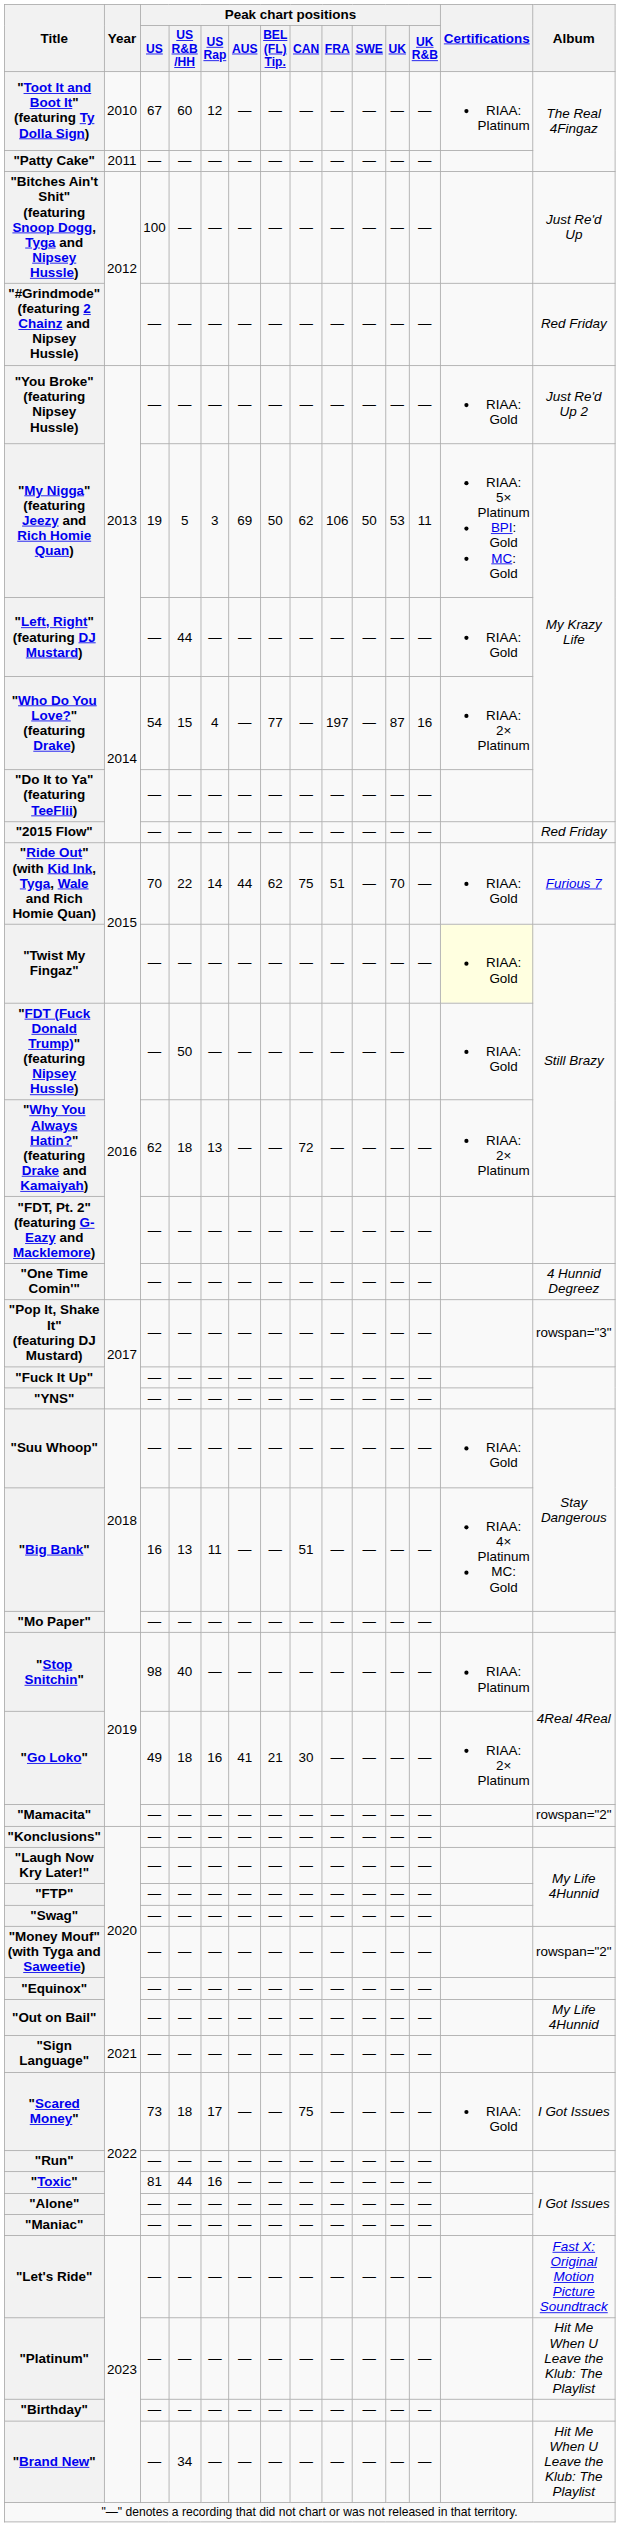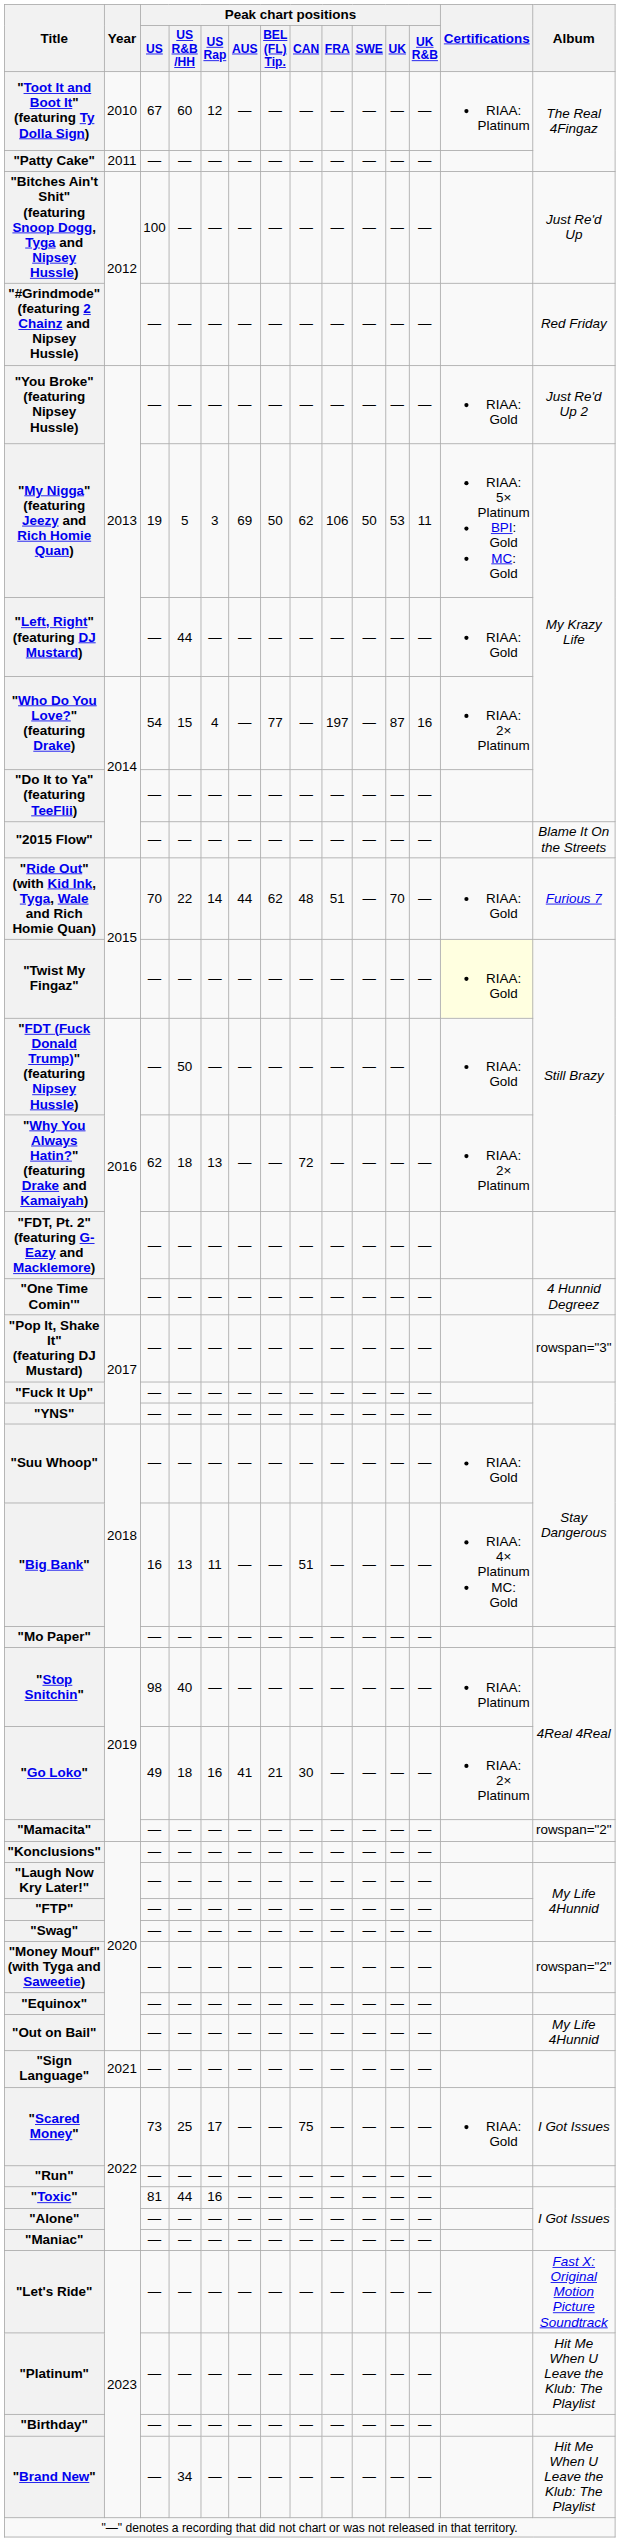 <table class="wikitable plainrowheaders" style="text-align:center;">
 <tr>
 <th scope="col" rowspan="2" style="width:22em;">Title</th>
 <th scope="col" rowspan="2">Year</th>
 <th scope="col" colspan="10">Peak chart positions</th>
 <th scope="col" rowspan="2" style="width:12em;"><a href='#'>Certifications</a></th>
 <th scope="col" rowspan="2" style="width:12em;">Album</th>
 </tr>
 <tr>
 <th scope="col" style="width:2.9em;font-size:90%;"><a href='#'>US</a><br></th>
 <th scope="col" style="width:2.9em;font-size:90%;"><a href='#'>US<br>R&B<br>/HH</a><br></th>
 <th scope="col" style="width:2.9em;font-size:90%;"><a href='#'>US<br>Rap</a><br></th>
 <th scope="col" style="width:2.9em;font-size:90%;"><a href='#'>AUS</a><br></th>
 <th scope="col" style="width:2.9em;font-size:90%;"><a href='#'>BEL<br>(FL)<br>Tip.</a><br></th>
 <th scope="col" style="width:2.9em;font-size:90%;"><a href='#'>CAN</a><br></th>
 <th scope="col" style="width:2.9em;font-size:90%;"><a href='#'>FRA</a><br></th>
 <th scope="col" style="width:2.9em;font-size:90%;"><a href='#'>SWE</a><br></th>
 <th scope="col" style="width:2.9em;font-size:90%;"><a href='#'>UK</a><br></th>
 <th scope="col" style="width:2.9em;font-size:90%;"><a href='#'>UK<br>R&B</a><br></th>
 </tr>
 <tr>
 <th scope="row">"<a href='#'>Toot It and Boot It</a>"<br><span>(featuring <a href='#'>Ty Dolla Sign</a>)</span></th>
 <td>2010</td>
 <td>67</td>
 <td>60</td>
 <td>12</td>
 <td>—</td>
 <td>—</td>
 <td>—</td>
 <td>—</td>
 <td>—</td>
 <td>—</td>
 <td>—</td>
 <td><br><ul><li>RIAA: Platinum</li></ul></td>
 <td rowspan="2"><em>The Real 4Fingaz</em></td>
 </tr>
 <tr>
 <th scope="row">"Patty Cake"</th>
 <td>2011</td>
 <td>—</td>
 <td>—</td>
 <td>—</td>
 <td>—</td>
 <td>—</td>
 <td>—</td>
 <td>—</td>
 <td>—</td>
 <td>—</td>
 <td>—</td>
 <td></td>
 </tr>
 <tr>
 <th scope="row">"Bitches Ain't Shit"<br><span>(featuring <a href='#'>Snoop Dogg</a>, <a href='#'>Tyga</a> and <a href='#'>Nipsey Hussle</a>)</span></th>
 <td rowspan="2">2012</td>
 <td>100</td>
 <td>—</td>
 <td>—</td>
 <td>—</td>
 <td>—</td>
 <td>—</td>
 <td>—</td>
 <td>—</td>
 <td>—</td>
 <td>—</td>
 <td></td>
 <td><em>Just Re'd Up</em></td>
 </tr>
 <tr>
 <th scope="row">"#Grindmode"<br><span>(featuring <a href='#'>2 Chainz</a> and Nipsey Hussle)</span></th>
 <td>—</td>
 <td>—</td>
 <td>—</td>
 <td>—</td>
 <td>—</td>
 <td>—</td>
 <td>—</td>
 <td>—</td>
 <td>—</td>
 <td>—</td>
 <td></td>
 <td><em>Red Friday</em></td>
 </tr>
 <tr>
 <th scope="row">"You Broke"<br><span>(featuring Nipsey Hussle)</span></th>
 <td rowspan="3">2013</td>
 <td>—</td>
 <td>—</td>
 <td>—</td>
 <td>—</td>
 <td>—</td>
 <td>—</td>
 <td>—</td>
 <td>—</td>
 <td>—</td>
 <td>—</td>
 <td><br><ul><li>RIAA: Gold</li></ul></td>
 <td><em>Just Re'd Up 2</em></td>
 </tr>
 <tr>
 <th scope="row">"<a href='#'>My Nigga</a>"<br><span>(featuring <a href='#'>Jeezy</a> and <a href='#'>Rich Homie Quan</a>)</span></th>
 <td>19</td>
 <td>5</td>
 <td>3</td>
 <td>69</td>
 <td>50</td>
 <td>62</td>
 <td>106</td>
 <td>50</td>
 <td>53</td>
 <td>11</td>
 <td><br><ul><li>RIAA: 5× Platinum</li><li><a href='#'>BPI</a>: Gold</li><li><a href='#'>MC</a>: Gold</li></ul></td>
 <td rowspan="4"><em>My Krazy Life</em></td>
 </tr>
 <tr>
 <th scope="row">"<a href='#'>Left, Right</a>"<br><span>(featuring <a href='#'>DJ Mustard</a>)</span></th>
 <td>—</td>
 <td>44</td>
 <td>—</td>
 <td>—</td>
 <td>—</td>
 <td>—</td>
 <td>—</td>
 <td>—</td>
 <td>—</td>
 <td>—</td>
 <td><br><ul><li>RIAA: Gold</li></ul></td>
 </tr>
 <tr>
 <th scope="row">"<a href='#'>Who Do You Love?</a>"<br><span>(featuring <a href='#'>Drake</a>)</span></th>
 <td rowspan="3">2014</td>
 <td>54</td>
 <td>15</td>
 <td>4</td>
 <td>—</td>
 <td>77</td>
 <td>—</td>
 <td>197</td>
 <td>—</td>
 <td>87</td>
 <td>16</td>
 <td><br><ul><li>RIAA: 2× Platinum</li></ul></td>
 </tr>
 <tr>
 <th scope="row">"Do It to Ya"<br><span>(featuring <a href='#'>TeeFlii</a>)</span></th>
 <td>—</td>
 <td>—</td>
 <td>—</td>
 <td>—</td>
 <td>—</td>
 <td>—</td>
 <td>—</td>
 <td>—</td>
 <td>—</td>
 <td>—</td>
 <td></td>
 </tr>
 <tr>
 <th scope="row">"2015 Flow"</th>
 <td>—</td>
 <td>—</td>
 <td>—</td>
 <td>—</td>
 <td>—</td>
 <td>—</td>
 <td>—</td>
 <td>—</td>
 <td>—</td>
 <td>—</td>
 <td></td>
-<td><em>Red Friday</em></td>
+<td><em>Blame It On the Streets</em></td>
 </tr>
 <tr>
 <th scope="row">"<a href='#'>Ride Out</a>"<br><span>(with <a href='#'>Kid Ink</a>, <a href='#'>Tyga</a>, <a href='#'>Wale</a> and Rich Homie Quan)</span></th>
 <td rowspan="2">2015</td>
 <td>70</td>
 <td>22</td>
 <td>14</td>
 <td>44</td>
 <td>62</td>
-<td>75</td>
+<td>48</td>
 <td>51</td>
 <td>—</td>
 <td>70</td>
 <td>—</td>
 <td><br><ul><li>RIAA: Gold</li></ul></td>
 <td><em><a href='#'>Furious 7</a></em></td>
 </tr>
 <tr>
 <th scope="row">"Twist My Fingaz"</th>
 <td>—</td>
 <td>—</td>
 <td>—</td>
 <td>—</td>
 <td>—</td>
 <td>—</td>
 <td>—</td>
 <td>—</td>
 <td>—</td>
 <td>—</td>
 <td style="background: lightyellow;"><br><ul><li>RIAA: Gold</li></ul></td>
 <td rowspan="3"><em>Still Brazy</em></td>
 </tr>
 <tr>
 <th scope="row">"<a href='#'>FDT (Fuck Donald Trump)</a>"<br><span>(featuring <a href='#'>Nipsey Hussle</a>)</span></th>
 <td rowspan="4">2016</td>
 <td>—</td>
 <td>50</td>
 <td>—</td>
 <td>—</td>
 <td>—</td>
 <td>—</td>
 <td>—</td>
 <td>—</td>
 <td>—</td>
 <td></td>
 <td><br><ul><li>RIAA: Gold</li></ul></td>
 </tr>
 <tr>
 <th scope="row">"<a href='#'>Why You Always Hatin?</a>"<br><span>(featuring <a href='#'>Drake</a> and <a href='#'>Kamaiyah</a>)</span></th>
 <td>62</td>
 <td>18</td>
 <td>13</td>
 <td>—</td>
 <td>—</td>
 <td>72</td>
 <td>—</td>
 <td>—</td>
 <td>—</td>
 <td>—</td>
 <td><br><ul><li>RIAA: 2× Platinum</li></ul></td>
 </tr>
 <tr>
 <th scope="row">"FDT, Pt. 2"<br><span>(featuring <a href='#'>G-Eazy</a> and <a href='#'>Macklemore</a>)</span></th>
 <td>—</td>
 <td>—</td>
 <td>—</td>
 <td>—</td>
 <td>—</td>
 <td>—</td>
 <td>—</td>
 <td>—</td>
 <td>—</td>
 <td>—</td>
 <td></td>
 <td></td>
 </tr>
 <tr>
 <th scope="row">"One Time Comin'"</th>
 <td>—</td>
 <td>—</td>
 <td>—</td>
 <td>—</td>
 <td>—</td>
 <td>—</td>
 <td>—</td>
 <td>—</td>
 <td>—</td>
 <td>—</td>
 <td></td>
 <td><em>4 Hunnid Degreez</em></td>
 </tr>
 <tr>
 <th scope="row">"Pop It, Shake It" <br><span>(featuring DJ Mustard)</span></th>
 <td rowspan="3">2017</td>
 <td>—</td>
 <td>—</td>
 <td>—</td>
 <td>—</td>
 <td>—</td>
 <td>—</td>
 <td>—</td>
 <td>—</td>
 <td>—</td>
 <td>—</td>
 <td></td>
 <td>rowspan="3" </td>
 </tr>
 <tr>
 <th scope="row">"Fuck It Up" <br></th>
 <td>—</td>
 <td>—</td>
 <td>—</td>
 <td>—</td>
 <td>—</td>
 <td>—</td>
 <td>—</td>
 <td>—</td>
 <td>—</td>
 <td>—</td>
 <td></td>
 </tr>
 <tr>
 <th scope="row">"YNS"<br></th>
 <td>—</td>
 <td>—</td>
 <td>—</td>
 <td>—</td>
 <td>—</td>
 <td>—</td>
 <td>—</td>
 <td>—</td>
 <td>—</td>
 <td>—</td>
 <td></td>
 </tr>
 <tr>
 <th scope="row">"Suu Whoop"</th>
 <td rowspan="3">2018</td>
 <td>—</td>
 <td>—</td>
 <td>—</td>
 <td>—</td>
 <td>—</td>
 <td>—</td>
 <td>—</td>
 <td>—</td>
 <td>—</td>
 <td>—</td>
 <td><br><ul><li>RIAA: Gold</li></ul></td>
 <td rowspan="2"><em>Stay Dangerous</em></td>
 </tr>
 <tr>
 <th scope="row">"<a href='#'>Big Bank</a>"<br></th>
 <td>16</td>
 <td>13</td>
 <td>11</td>
 <td>—</td>
 <td>—</td>
 <td>51</td>
 <td>—</td>
 <td>—</td>
 <td>—</td>
 <td>—</td>
 <td><br><ul><li>RIAA: 4× Platinum</li><li>MC: Gold</li></ul></td>
 </tr>
 <tr>
 <th scope="row">"Mo Paper"<br></th>
 <td>—</td>
 <td>—</td>
 <td>—</td>
 <td>—</td>
 <td>—</td>
 <td>—</td>
 <td>—</td>
 <td>—</td>
 <td>—</td>
 <td>—</td>
 <td></td>
 <td></td>
 </tr>
 <tr>
 <th scope="row">"<a href='#'>Stop Snitchin</a>"</th>
 <td rowspan="3">2019</td>
 <td>98</td>
 <td>40</td>
 <td>—</td>
 <td>—</td>
 <td>—</td>
 <td>—</td>
 <td>—</td>
 <td>—</td>
 <td>—</td>
 <td>—</td>
 <td><br><ul><li>RIAA: Platinum</li></ul></td>
 <td rowspan="2"><em>4Real 4Real</em></td>
 </tr>
 <tr>
 <th scope="row">"<a href='#'>Go Loko</a>"<br></th>
 <td>49</td>
 <td>18</td>
 <td>16</td>
 <td>41</td>
 <td>21</td>
 <td>30</td>
 <td>—</td>
 <td>—</td>
 <td>—</td>
 <td>—</td>
 <td><br><ul><li>RIAA: 2× Platinum</li></ul></td>
 </tr>
 <tr>
 <th scope="row">"Mamacita"<br></th>
 <td>—</td>
 <td>—</td>
 <td>—</td>
 <td>—</td>
 <td>—</td>
 <td>—</td>
 <td>—</td>
 <td>—</td>
 <td>—</td>
 <td>—</td>
 <td></td>
 <td>rowspan="2" </td>
 </tr>
 <tr>
 <th scope="row">"Konclusions"<br></th>
 <td rowspan="7">2020</td>
 <td>—</td>
 <td>—</td>
 <td>—</td>
 <td>—</td>
 <td>—</td>
 <td>—</td>
 <td>—</td>
 <td>—</td>
 <td>—</td>
 <td>—</td>
 <td></td>
 </tr>
 <tr>
 <th scope="row">"Laugh Now Kry Later!"</th>
 <td>—</td>
 <td>—</td>
 <td>—</td>
 <td>—</td>
 <td>—</td>
 <td>—</td>
 <td>—</td>
 <td>—</td>
 <td>—</td>
 <td>—</td>
 <td></td>
 <td rowspan="3"><em>My Life 4Hunnid</em></td>
 </tr>
 <tr>
 <th scope="row">"FTP"</th>
 <td>—</td>
 <td>—</td>
 <td>—</td>
 <td>—</td>
 <td>—</td>
 <td>—</td>
 <td>—</td>
 <td>—</td>
 <td>—</td>
 <td>—</td>
 <td></td>
 </tr>
 <tr>
 <th scope="row">"Swag"</th>
 <td>—</td>
 <td>—</td>
 <td>—</td>
 <td>—</td>
 <td>—</td>
 <td>—</td>
 <td>—</td>
 <td>—</td>
 <td>—</td>
 <td>—</td>
 <td></td>
 </tr>
 <tr>
 <th scope="row">"Money Mouf"<br><span>(with Tyga and <a href='#'>Saweetie</a>)</span></th>
 <td>—</td>
 <td>—</td>
 <td>—</td>
 <td>—</td>
 <td>—</td>
 <td>—</td>
 <td>—</td>
 <td>—</td>
 <td>—</td>
 <td>—</td>
 <td></td>
 <td>rowspan="2" </td>
 </tr>
 <tr>
 <th scope="row">"Equinox"<br></th>
 <td>—</td>
 <td>—</td>
 <td>—</td>
 <td>—</td>
 <td>—</td>
 <td>—</td>
 <td>—</td>
 <td>—</td>
 <td>—</td>
 <td>—</td>
 <td></td>
 </tr>
 <tr>
 <th scope="row">"Out on Bail"</th>
 <td>—</td>
 <td>—</td>
 <td>—</td>
 <td>—</td>
 <td>—</td>
 <td>—</td>
 <td>—</td>
 <td>—</td>
 <td>—</td>
 <td>—</td>
 <td></td>
 <td><em>My Life 4Hunnid</em></td>
 </tr>
 <tr>
 <th scope="row">"Sign Language"</th>
 <td>2021</td>
 <td>—</td>
 <td>—</td>
 <td>—</td>
 <td>—</td>
 <td>—</td>
 <td>—</td>
 <td>—</td>
 <td>—</td>
 <td>—</td>
 <td>—</td>
 <td></td>
 <td></td>
 </tr>
 <tr>
 <th scope="row">"<a href='#'>Scared Money</a>"<br></th>
 <td rowspan="5">2022</td>
 <td>73</td>
-<td>18</td>
+<td>25</td>
 <td>17</td>
 <td>—</td>
 <td>—</td>
 <td>75</td>
 <td>—</td>
 <td>—</td>
 <td>—</td>
 <td>—</td>
 <td><br><ul><li>RIAA: Gold</li></ul></td>
 <td><em>I Got Issues</em></td>
 </tr>
 <tr>
 <th scope="row">"Run"<br></th>
 <td>—</td>
 <td>—</td>
 <td>—</td>
 <td>—</td>
 <td>—</td>
 <td>—</td>
 <td>—</td>
 <td>—</td>
 <td>—</td>
 <td>—</td>
 <td></td>
 <td></td>
 </tr>
 <tr>
 <th scope="row">"<a href='#'>Toxic</a>"</th>
 <td>81</td>
 <td>44</td>
 <td>16</td>
 <td>—</td>
 <td>—</td>
 <td>—</td>
 <td>—</td>
 <td>—</td>
 <td>—</td>
 <td>—</td>
 <td></td>
 <td rowspan=3><em>I Got Issues</em></td>
 </tr>
 <tr>
 <th scope="row">"Alone"</th>
 <td>—</td>
 <td>—</td>
 <td>—</td>
 <td>—</td>
 <td>—</td>
 <td>—</td>
 <td>—</td>
 <td>—</td>
 <td>—</td>
 <td>—</td>
 <td></td>
 </tr>
 <tr>
 <th scope="row">"Maniac"</th>
 <td>—</td>
 <td>—</td>
 <td>—</td>
 <td>—</td>
 <td>—</td>
 <td>—</td>
 <td>—</td>
 <td>—</td>
 <td>—</td>
 <td>—</td>
 <td></td>
 </tr>
 <tr>
 <th scope="row">"Let's Ride"<br></th>
 <td rowspan="4">2023</td>
 <td>—</td>
 <td>—</td>
 <td>—</td>
 <td>—</td>
 <td>—</td>
 <td>—</td>
 <td>—</td>
 <td>—</td>
 <td>—</td>
 <td>—</td>
 <td></td>
 <td><em><a href='#'>Fast X: Original Motion Picture Soundtrack</a></em></td>
 </tr>
 <tr>
 <th scope="row">"Platinum"<br></th>
 <td>—</td>
 <td>—</td>
 <td>—</td>
 <td>—</td>
 <td>—</td>
 <td>—</td>
 <td>—</td>
 <td>—</td>
 <td>—</td>
 <td>—</td>
 <td></td>
 <td><em>Hit Me When U Leave the Klub: The Playlist</em></td>
 </tr>
 <tr>
 <th scope="row">"Birthday"<br></th>
 <td>—</td>
 <td>—</td>
 <td>—</td>
 <td>—</td>
 <td>—</td>
 <td>—</td>
 <td>—</td>
 <td>—</td>
 <td>—</td>
 <td>—</td>
 <td></td>
 <td></td>
 </tr>
 <tr>
 <th scope="row">"<a href='#'>Brand New</a>"<br></th>
 <td>—</td>
 <td>34</td>
 <td>—</td>
 <td>—</td>
 <td>—</td>
 <td>—</td>
 <td>—</td>
 <td>—</td>
 <td>—</td>
 <td>—</td>
 <td></td>
 <td><em>Hit Me When U Leave the Klub: The Playlist</em></td>
 </tr>
 <tr>
 <td colspan="14" style="font-size:90%">"—" denotes a recording that did not chart or was not released in that territory.</td>
 </tr>
 </table>
